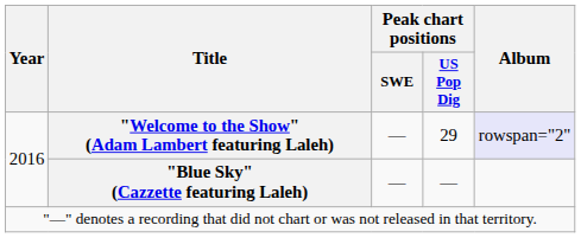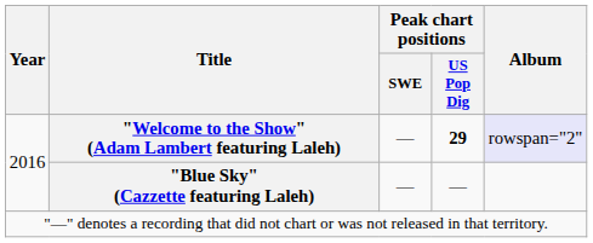 <table class="wikitable plainrowheaders" style="text-align:center;">
 <tr>
 <th scope="col" rowspan="2">Year</th>
 <th scope="colw" rowspan="2" style="width:18em;">Title</th>
 <th scope="col" colspan="2">Peak chart positions</th>
 <th scope="col" rowspan="2">Album</th>
 </tr>
 <tr>
 <th scope="col" style="width:3em;font-size:85%;">SWE<br></th>
 <th scope="col" style="width:3em;font-size:85%;"><a href='#'>US<br>Pop<br>Dig</a><br></th>
 </tr>
 <tr>
 <td rowspan="2">2016</td>
 <th scope="row">"<a href='#'>Welcome to the Show</a>"<br><span>(<a href='#'>Adam Lambert</a> featuring Laleh)</span></th>
 <td>—</td>
-<td>29</td>
+<td><strong>29</strong></td>
 <td style="background: lavender;">rowspan="2" </td>
 </tr>
 <tr>
 <th scope="row">"Blue Sky"<br><span>(<a href='#'>Cazzette</a> featuring Laleh)</span></th>
 <td>—</td>
 <td>—</td>
 </tr>
 <tr>
 <td colspan="14" style="font-size:90%">"—" denotes a recording that did not chart or was not released in that territory.</td>
 </tr>
 </table>
